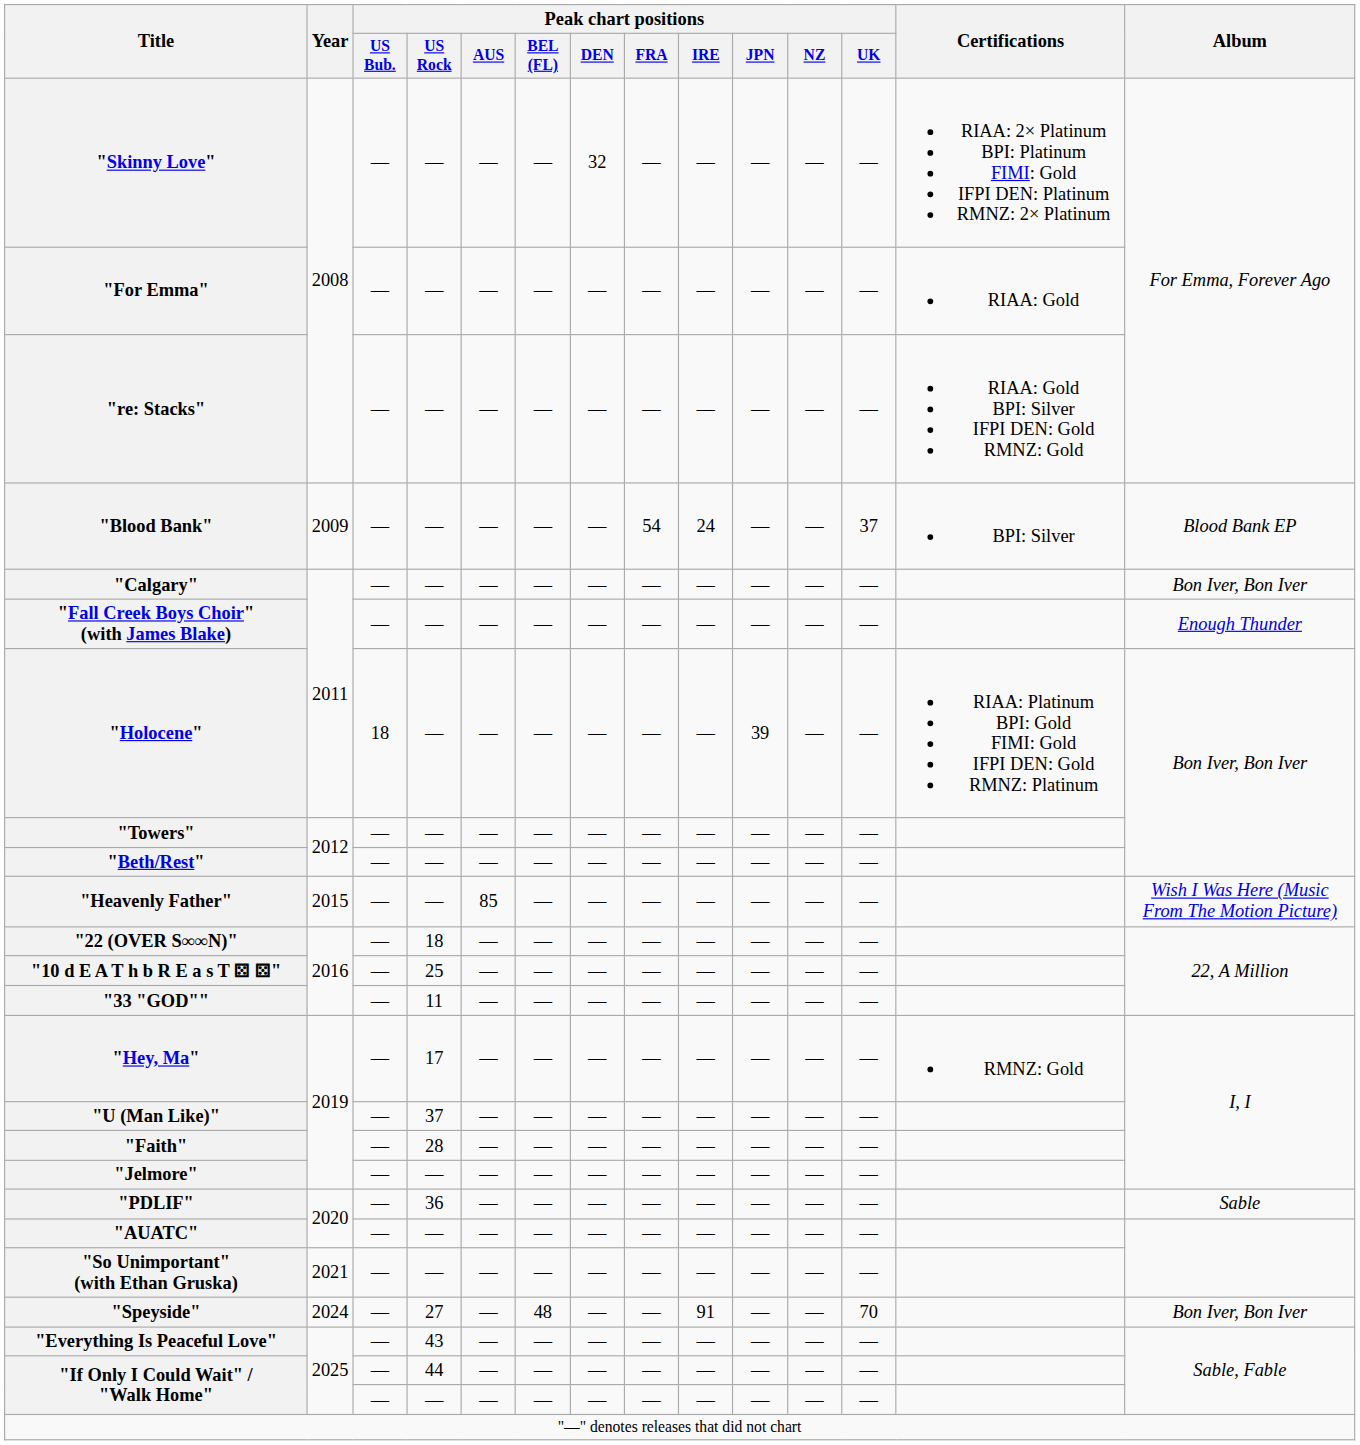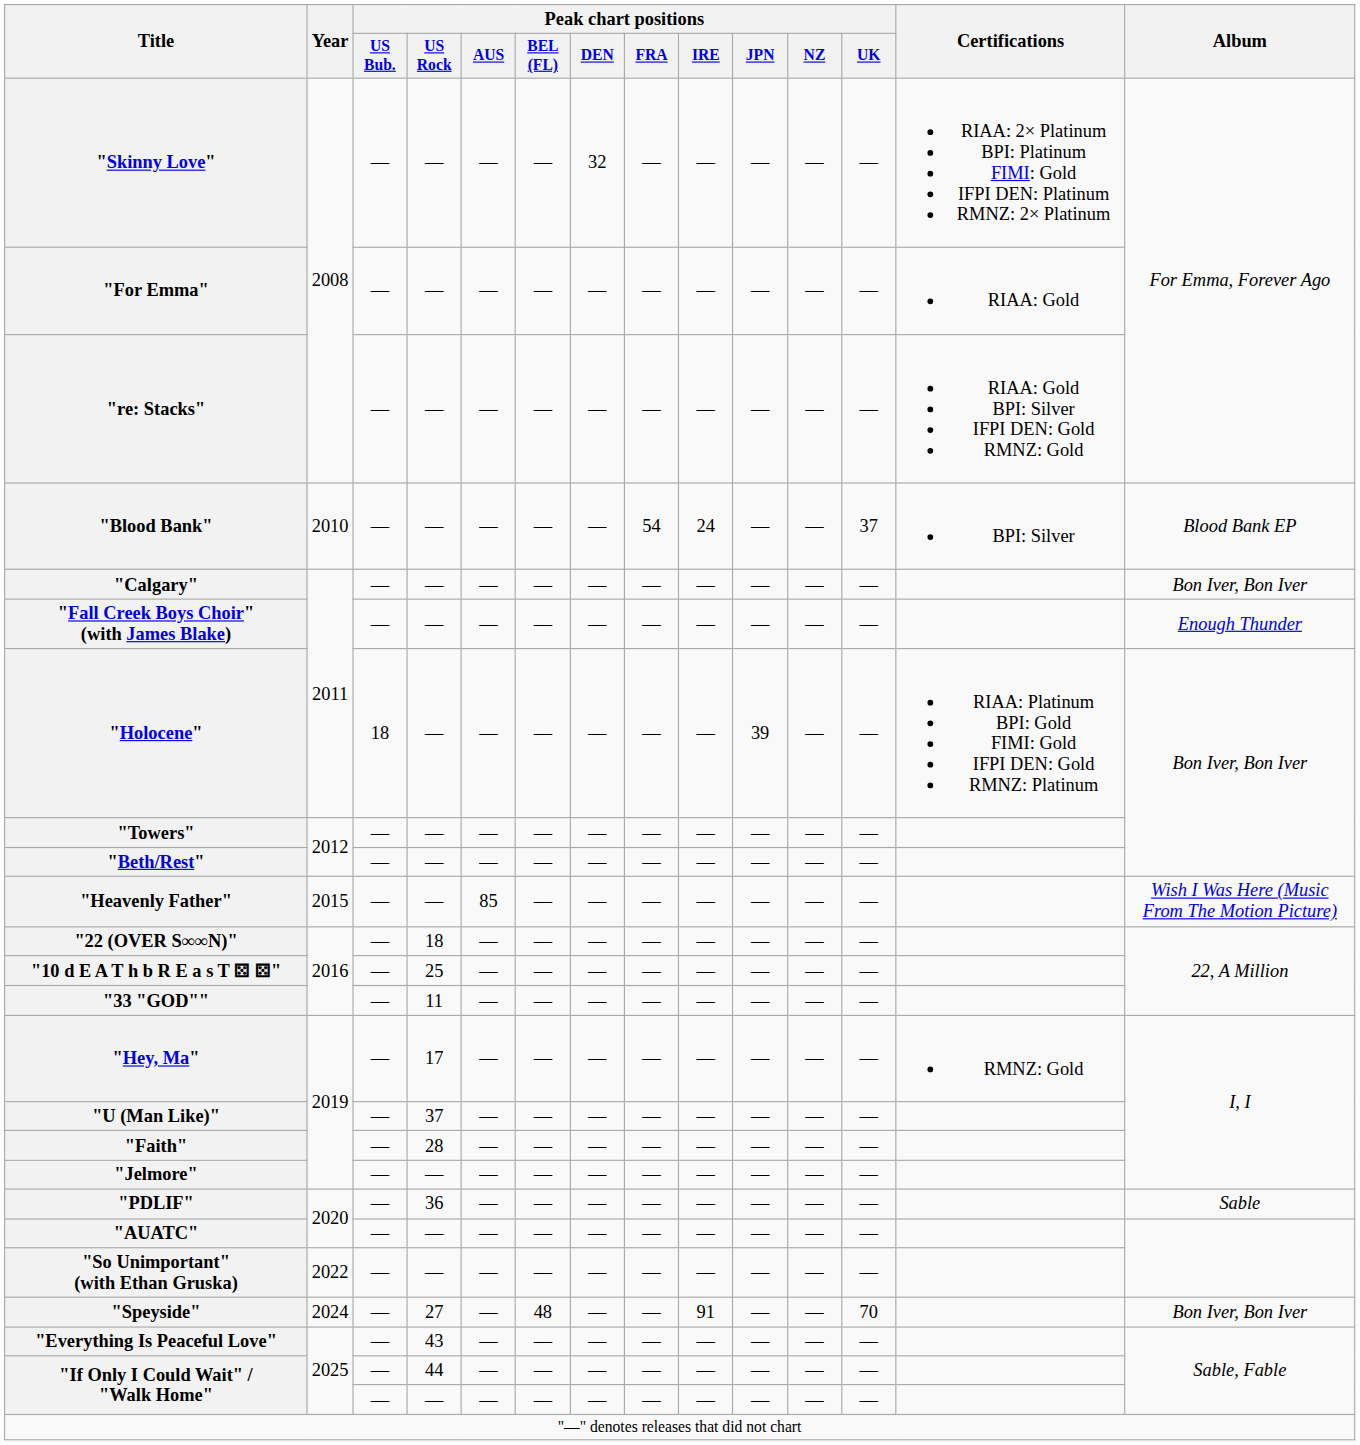 <table class="wikitable plainrowheaders" style="text-align:center;">
 <tr>
 <th scope="col" rowspan="2" style="width:16em;">Title</th>
 <th scope="col" rowspan="2" style="width:1em;">Year</th>
 <th scope="col" colspan="10">Peak chart positions</th>
 <th scope="col" rowspan="2" style="width:12em;">Certifications</th>
 <th scope="col" rowspan="2" style="width:12em;">Album</th>
 </tr>
 <tr>
 <th scope="col" style="width:3em;font-size:85%;"><a href='#'>US<br>Bub.</a><br></th>
 <th scope="col" style="width:3em;font-size:85%;"><a href='#'>US <br>Rock</a><br></th>
 <th scope="col" style="width:3em;font-size:85%;"><a href='#'>AUS</a><br></th>
 <th scope="col" style="width:3em;font-size:85%;"><a href='#'>BEL<br>(FL)</a><br></th>
 <th scope="col" style="width:3em;font-size:85%;"><a href='#'>DEN</a><br></th>
 <th scope="col" style="width:3em;font-size:85%;"><a href='#'>FRA</a><br></th>
 <th scope="col" style="width:3em;font-size:85%;"><a href='#'>IRE</a><br></th>
 <th scope="col" style="width:3em;font-size:85%;"><a href='#'>JPN</a><br></th>
 <th scope="col" style="width:3em;font-size:85%;"><a href='#'>NZ</a><br></th>
 <th scope="col" style="width:3em;font-size:85%;"><a href='#'>UK</a><br></th>
 </tr>
 <tr>
 <th scope="row">"<a href='#'>Skinny Love</a>"</th>
 <td rowspan="3">2008</td>
 <td>—</td>
 <td>—</td>
 <td>—</td>
 <td>—</td>
 <td>32</td>
 <td>—</td>
 <td>—</td>
 <td>—</td>
 <td>—</td>
 <td>—</td>
 <td><br><ul><li>RIAA: 2× Platinum</li><li>BPI: Platinum</li><li><a href='#'>FIMI</a>: Gold</li><li>IFPI DEN: Platinum</li><li>RMNZ: 2× Platinum</li></ul></td>
 <td rowspan="3"><em>For Emma, Forever Ago</em></td>
 </tr>
 <tr>
 <th scope="row">"For Emma"</th>
 <td>—</td>
 <td>—</td>
 <td>—</td>
 <td>—</td>
 <td>—</td>
 <td>—</td>
 <td>—</td>
 <td>—</td>
 <td>—</td>
 <td>—</td>
 <td><br><ul><li>RIAA: Gold</li></ul></td>
 </tr>
 <tr>
 <th scope="row">"re: Stacks"</th>
 <td>—</td>
 <td>—</td>
 <td>—</td>
 <td>—</td>
 <td>—</td>
 <td>—</td>
 <td>—</td>
 <td>—</td>
 <td>—</td>
 <td>—</td>
 <td><br><ul><li>RIAA: Gold</li><li>BPI: Silver</li><li>IFPI DEN: Gold</li><li>RMNZ: Gold</li></ul></td>
 </tr>
 <tr>
 <th scope="row">"Blood Bank"</th>
-<td>2009</td>
+<td>2010</td>
 <td>—</td>
 <td>—</td>
 <td>—</td>
 <td>—</td>
 <td>—</td>
 <td>54</td>
 <td>24</td>
 <td>—</td>
 <td>—</td>
 <td>37</td>
 <td><br><ul><li>BPI: Silver</li></ul></td>
 <td><em>Blood Bank EP</em></td>
 </tr>
 <tr>
 <th scope="row">"Calgary"</th>
 <td rowspan="3">2011</td>
 <td>—</td>
 <td>—</td>
 <td>—</td>
 <td>—</td>
 <td>—</td>
 <td>—</td>
 <td>—</td>
 <td>—</td>
 <td>—</td>
 <td>—</td>
 <td></td>
 <td><em>Bon Iver, Bon Iver</em></td>
 </tr>
 <tr>
 <th scope="row">"<a href='#'>Fall Creek Boys Choir</a>"<br><span>(with <a href='#'>James Blake</a>)</span></th>
 <td>—</td>
 <td>—</td>
 <td>—</td>
 <td>—</td>
 <td>—</td>
 <td>—</td>
 <td>—</td>
 <td>—</td>
 <td>—</td>
 <td>—</td>
 <td></td>
 <td rowspan="1"><em><a href='#'>Enough Thunder</a></em></td>
 </tr>
 <tr>
 <th scope="row">"<a href='#'>Holocene</a>"</th>
 <td>18</td>
 <td>—</td>
 <td>—</td>
 <td>—</td>
 <td>—</td>
 <td>—</td>
 <td>—</td>
 <td>39</td>
 <td>—</td>
 <td>—</td>
 <td><br><ul><li>RIAA: Platinum</li><li>BPI: Gold</li><li>FIMI: Gold</li><li>IFPI DEN: Gold</li><li>RMNZ: Platinum</li></ul></td>
 <td rowspan="3"><em>Bon Iver, Bon Iver</em></td>
 </tr>
 <tr>
 <th scope="row">"Towers"</th>
 <td rowspan="2">2012</td>
 <td>—</td>
 <td>—</td>
 <td>—</td>
 <td>—</td>
 <td>—</td>
 <td>—</td>
 <td>—</td>
 <td>—</td>
 <td>—</td>
 <td>—</td>
 <td></td>
 </tr>
 <tr>
 <th scope="row">"<a href='#'>Beth/Rest</a>"</th>
 <td>—</td>
 <td>—</td>
 <td>—</td>
 <td>—</td>
 <td>—</td>
 <td>—</td>
 <td>—</td>
 <td>—</td>
 <td>—</td>
 <td>—</td>
 <td></td>
 </tr>
 <tr>
 <th scope="row">"Heavenly Father"</th>
 <td>2015</td>
 <td>—</td>
 <td>—</td>
 <td>85</td>
 <td>—</td>
 <td>—</td>
 <td>—</td>
 <td>—</td>
 <td>—</td>
 <td>—</td>
 <td>—</td>
 <td></td>
 <td><em><a href='#'>Wish I Was Here (Music From The Motion Picture)</a></em></td>
 </tr>
 <tr>
 <th scope="row">"22 (OVER S∞∞N)"</th>
 <td rowspan="3">2016</td>
 <td>—</td>
 <td>18</td>
 <td>—</td>
 <td>—</td>
 <td>—</td>
 <td>—</td>
 <td>—</td>
 <td>—</td>
 <td>—</td>
 <td>—</td>
 <td></td>
 <td rowspan="3"><em>22, A Million</em></td>
 </tr>
 <tr>
 <th scope="row">"10 d E A T h b R E a s T ⚄ ⚄"</th>
 <td>—</td>
 <td>25</td>
 <td>—</td>
 <td>—</td>
 <td>—</td>
 <td>—</td>
 <td>—</td>
 <td>—</td>
 <td>—</td>
 <td>—</td>
 <td></td>
 </tr>
 <tr>
 <th scope="row">"33 "GOD""</th>
 <td>—</td>
 <td>11</td>
 <td>—</td>
 <td>—</td>
 <td>—</td>
 <td>—</td>
 <td>—</td>
 <td>—</td>
 <td>—</td>
 <td>—</td>
 </tr>
 <tr>
 <th scope="row">"<a href='#'>Hey, Ma</a>"</th>
 <td rowspan="4">2019</td>
 <td>—</td>
 <td>17</td>
 <td>—</td>
 <td>—</td>
 <td>—</td>
 <td>—</td>
 <td>—</td>
 <td>—</td>
 <td>—</td>
 <td>—</td>
 <td><br><ul><li>RMNZ: Gold</li></ul></td>
 <td rowspan="4"><em>I, I</em></td>
 </tr>
 <tr>
 <th scope="row">"U (Man Like)"</th>
 <td>—</td>
 <td>37</td>
 <td>—</td>
 <td>—</td>
 <td>—</td>
 <td>—</td>
 <td>—</td>
 <td>—</td>
 <td>—</td>
 <td>—</td>
 <td></td>
 </tr>
 <tr>
 <th scope="row">"Faith"</th>
 <td>—</td>
 <td>28</td>
 <td>—</td>
 <td>—</td>
 <td>—</td>
 <td>—</td>
 <td>—</td>
 <td>—</td>
 <td>—</td>
 <td>—</td>
 <td></td>
 </tr>
 <tr>
 <th scope="row">"Jelmore"</th>
 <td>—</td>
 <td>—</td>
 <td>—</td>
 <td>—</td>
 <td>—</td>
 <td>—</td>
 <td>—</td>
 <td>—</td>
 <td>—</td>
 <td>—</td>
 <td></td>
 </tr>
 <tr>
 <th scope="row">"PDLIF"</th>
 <td rowspan="2">2020</td>
 <td>—</td>
 <td>36</td>
 <td>—</td>
 <td>—</td>
 <td>—</td>
 <td>—</td>
 <td>—</td>
 <td>—</td>
 <td>—</td>
 <td>—</td>
 <td></td>
 <td><em>Sable</em></td>
 </tr>
 <tr>
 <th scope="row">"AUATC"</th>
 <td>—</td>
 <td>—</td>
 <td>—</td>
 <td>—</td>
 <td>—</td>
 <td>—</td>
 <td>—</td>
 <td>—</td>
 <td>—</td>
 <td>—</td>
 <td></td>
 </tr>
 <tr>
 <th scope="row">"So Unimportant"<br><span>(with Ethan Gruska)</span></th>
-<td>2021</td>
+<td>2022</td>
 <td>—</td>
 <td>—</td>
 <td>—</td>
 <td>—</td>
 <td>—</td>
 <td>—</td>
 <td>—</td>
 <td>—</td>
 <td>—</td>
 <td>—</td>
 <td></td>
 </tr>
 <tr>
 <th scope="row">"Speyside"</th>
 <td>2024</td>
 <td>—</td>
 <td>27</td>
 <td>—</td>
 <td>48</td>
 <td>—</td>
 <td>—</td>
 <td>91</td>
 <td>—</td>
 <td>—</td>
 <td>70</td>
 <td></td>
 <td><em>Bon Iver, Bon Iver</em></td>
 </tr>
 <tr>
 <th scope="row">"Everything Is Peaceful Love"</th>
 <td rowspan="3">2025</td>
 <td>—</td>
 <td>43</td>
 <td>—</td>
 <td>—</td>
 <td>—</td>
 <td>—</td>
 <td>—</td>
 <td>—</td>
 <td>—</td>
 <td>—</td>
 <td></td>
 <td rowspan="3"><em>Sable, Fable</em></td>
 </tr>
 <tr>
 <th scope="row" rowspan="2">"If Only I Could Wait" /<br> "Walk Home"</th>
 <td>—</td>
 <td>44</td>
 <td>—</td>
 <td>—</td>
 <td>—</td>
 <td>—</td>
 <td>—</td>
 <td>—</td>
 <td>—</td>
 <td>—</td>
 <td></td>
 </tr>
 <tr>
 <td>—</td>
 <td>—</td>
 <td>—</td>
 <td>—</td>
 <td>—</td>
 <td>—</td>
 <td>—</td>
 <td>—</td>
 <td>—</td>
 <td>—</td>
 <td></td>
 </tr>
 <tr>
 <td colspan="15" style="font-size:85%">"—" denotes releases that did not chart</td>
 </tr>
 </table>
